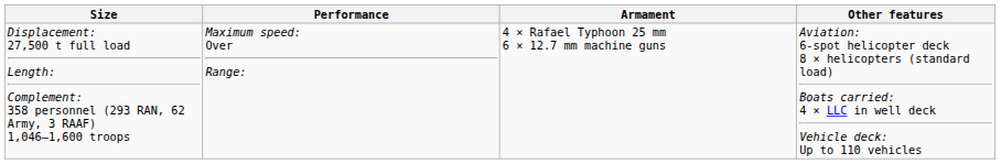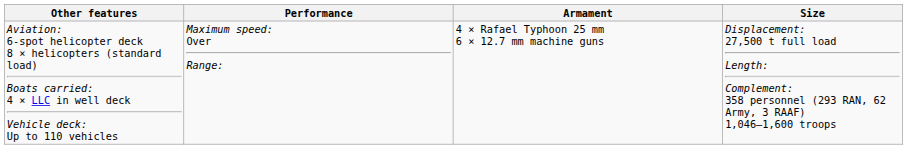 <table class="wikitable" width=90% style="text-align: left">
 <tr bgcolor=lavender>
-<th>Size</th>
+<th>Other features</th>
 <th>Performance</th>
 <th>Armament</th>
-<th>Other features</th>
+<th>Size</th>
 </tr>
 <tr>
-<td valign=top width=20%><em>Displacement:</em><br>27,500 t full load<hr><em>Length:</em><br><hr><em>Complement:</em><br>358 personnel (293 RAN, 62 Army, 3 RAAF)<br>1,046–1,600 troops</td>
+<td valign=top width=20%><em>Aviation:</em><br>6-spot helicopter deck<br> 8 × helicopters (standard load)<hr><em>Boats carried:</em><br>4 × <a href='#'>LLC</a> in well deck<hr><em>Vehicle deck:</em><br>Up to 110 vehicles</td>
 <td valign=top width=30%><em>Maximum speed:</em><br>Over <hr><em>Range:</em><br></td>
 <td valign=top width=30%>4 × Rafael Typhoon 25 mm<br>6 × 12.7 mm machine guns</td>
-<td valign=top width=20%><em>Aviation:</em><br>6-spot helicopter deck<br> 8 × helicopters (standard load)<hr><em>Boats carried:</em><br>4 × <a href='#'>LLC</a> in well deck<hr><em>Vehicle deck:</em><br>Up to 110 vehicles</td>
+<td valign=top width=20%><em>Displacement:</em><br>27,500 t full load<hr><em>Length:</em><br><hr><em>Complement:</em><br>358 personnel (293 RAN, 62 Army, 3 RAAF)<br>1,046–1,600 troops</td>
 </tr>
 </table>
